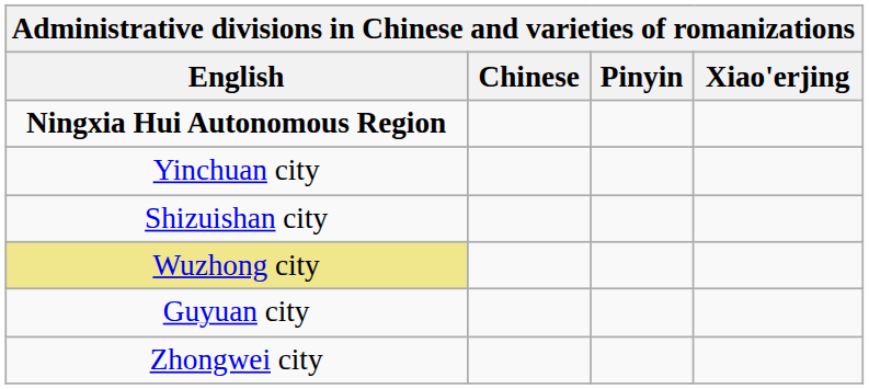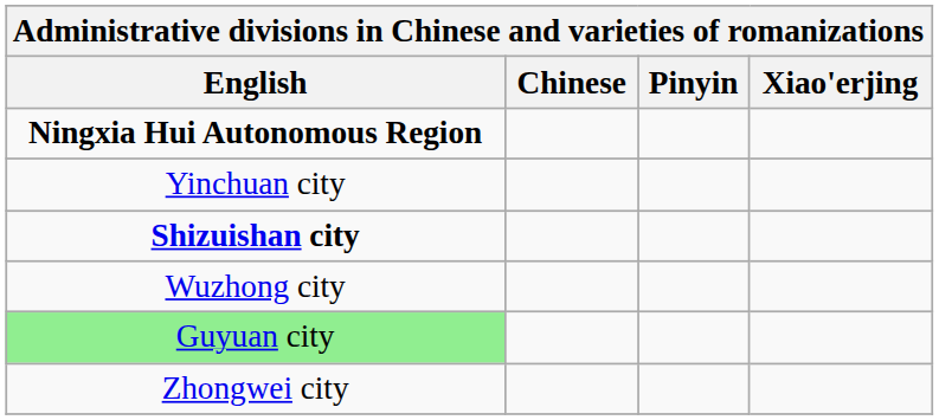 <table class="wikitable sortable collapsible collapsed" style="text-font:90%; width:auto; text-align:center; margin-left: auto; margin-right: auto;">
 <tr>
 <th colspan="5">Administrative divisions in Chinese and varieties of romanizations</th>
 </tr>
 <tr>
 <th>English</th>
 <th>Chinese</th>
 <th>Pinyin</th>
 <th>Xiao'erjing</th>
 </tr>
 <tr>
 <td><strong>Ningxia Hui Autonomous Region</strong></td>
 <td></td>
 <td></td>
 <td></td>
 </tr>
 <tr>
 <td><a href='#'>Yinchuan</a> city</td>
 <td></td>
 <td></td>
 <td></td>
 </tr>
 <tr>
-<td><a href='#'>Shizuishan</a> city</td>
+<td><strong><a href='#'>Shizuishan</a> city</strong></td>
 <td></td>
 <td></td>
 <td></td>
 </tr>
 <tr>
-<td style="background: khaki;"><a href='#'>Wuzhong</a> city</td>
+<td><a href='#'>Wuzhong</a> city</td>
 <td></td>
 <td></td>
 <td></td>
 </tr>
 <tr>
-<td><a href='#'>Guyuan</a> city</td>
+<td style="background: lightgreen;"><a href='#'>Guyuan</a> city</td>
 <td></td>
 <td></td>
 <td></td>
 </tr>
 <tr>
 <td><a href='#'>Zhongwei</a> city</td>
 <td></td>
 <td></td>
 <td></td>
 </tr>
 </table>
